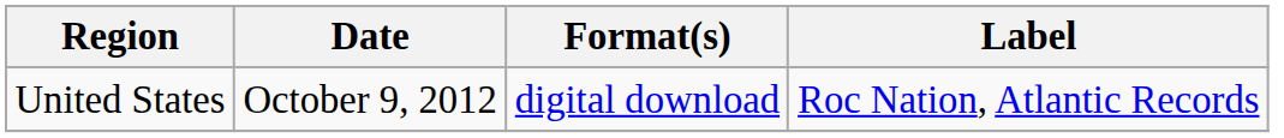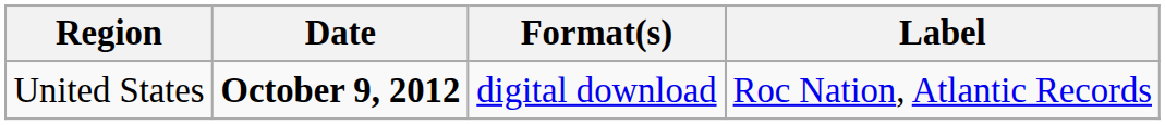 <table class="wikitable">
 <tr>
 <th>Region</th>
 <th>Date</th>
 <th>Format(s)</th>
 <th>Label</th>
 </tr>
 <tr>
 <td rowspan="1">United States</td>
-<td rowspan="1">October 9, 2012</td>
+<td rowspan="1"><strong>October 9, 2012</strong></td>
 <td rowspan="1"><a href='#'>digital download</a></td>
 <td rowspan="1"><a href='#'>Roc Nation</a>, <a href='#'>Atlantic Records</a></td>
 </tr>
 <tr>
 </tr>
 </table>
